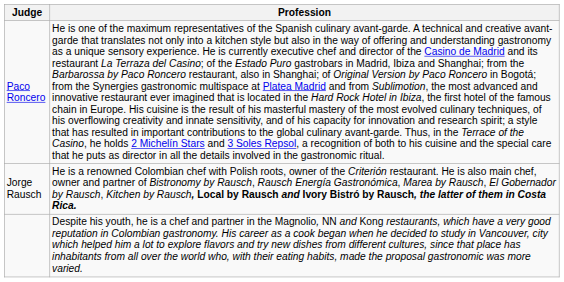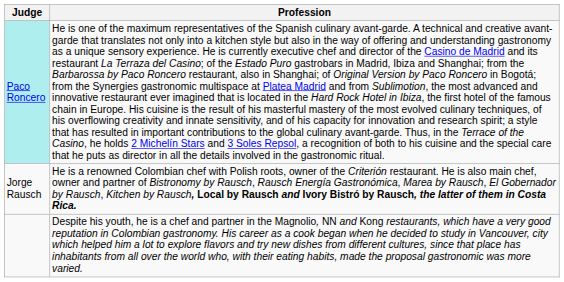 <table class="wikitable">
 <tr>
 <th>Judge</th>
 <th>Profession</th>
 </tr>
 <tr>
-<td><a href='#'>Paco Roncero</a></td>
+<td style="background: paleturquoise;"><a href='#'>Paco Roncero</a></td>
 <td>He is one of the maximum representatives of the Spanish culinary avant-garde. A technical and creative avant-garde that translates not only into a kitchen style but also in the way of offering and understanding gastronomy as a unique sensory experience. He is currently executive chef and director of the <a href='#'>Casino de Madrid</a> and its restaurant <em>La Terraza del Casino</em>; of the <em>Estado Puro</em> gastrobars in Madrid, Ibiza and Shanghai; from the <em>Barbarossa by Paco Roncero</em> restaurant, also in Shanghai; of <em>Original Version by Paco Roncero</em> in Bogotá; from the Synergies gastronomic multispace at <a href='#'>Platea Madrid</a> and from <em>Sublimotion</em>, the most advanced and innovative restaurant ever imagined that is located in the <em>Hard Rock Hotel in Ibiza</em>, the first hotel of the famous chain in Europe. His cuisine is the result of his masterful mastery of the most evolved culinary techniques, of his overflowing creativity and innate sensitivity, and of his capacity for innovation and research spirit; a style that has resulted in important contributions to the global culinary avant-garde. Thus, in the <em>Terrace of the Casino</em>, he holds <a href='#'>2 Michelín Stars</a> and <a href='#'>3 Soles Repsol</a>, a recognition of both to his cuisine and the special care that he puts as director in all the details involved in the gastronomic ritual.</td>
 </tr>
 <tr>
 <td>Jorge Rausch</td>
 <td>He is a renowned Colombian chef with Polish roots, owner of the <em>Criterión</em> restaurant. He is also main chef, owner and partner of <em>Bistronomy by Rausch</em>, <em>Rausch Energía Gastronómica</em>, <em>Marea by Rausch</em>, <em>El Gobernador by Rausch</em>, <em>Kitchen by Rausch<strong>, </em>Local by Rausch<em> and </em>Ivory Bistró by Rausch<em>, the latter of them in Costa Rica.</td>
 </tr>
 <tr>
 <td></td>
 <td>Despite his youth, he is a chef and partner in the </em>Magnolio<em>, </em>NN<em> and </em>Kong<em> restaurants, which have a very good reputation in Colombian gastronomy. His career as a cook began when he decided to study in Vancouver, city which helped him a lot to explore flavors and try new dishes from different cultures, since that place has inhabitants from all over the world who, with their eating habits, made the proposal gastronomic was more varied.</td>
 </tr>
 </table>
